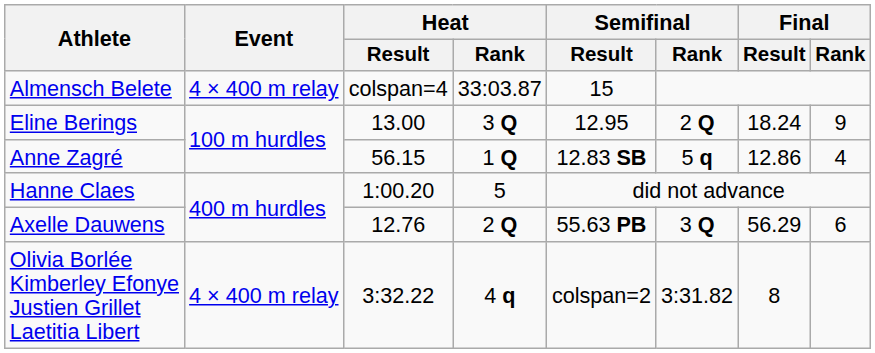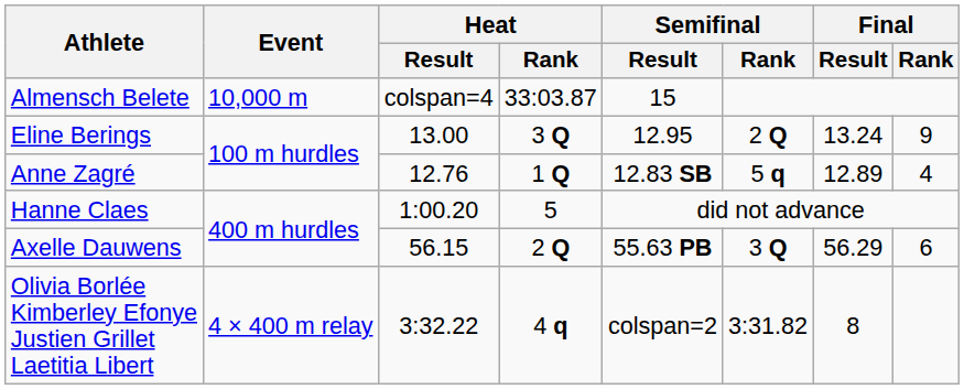 <table class="wikitable" style="font-size:90%">
 <tr>
 <th rowspan=2>Athlete</th>
 <th rowspan=2>Event</th>
 <th colspan=2>Heat</th>
 <th colspan=2>Semifinal</th>
 <th colspan=2>Final</th>
 </tr>
 <tr style="font-size:95%">
 <th>Result</th>
 <th>Rank</th>
 <th>Result</th>
 <th>Rank</th>
 <th>Result</th>
 <th>Rank</th>
 </tr>
 <tr align=center>
 <td align=left><a href='#'>Almensch Belete</a></td>
-<td style="text-align:left;"><a href='#'>4 × 400 m relay</a></td>
+<td style="text-align:left;"><a href='#'>10,000 m</a></td>
 <td>colspan=4 </td>
 <td>33:03.87</td>
 <td>15</td>
 </tr>
 <tr align=center>
 <td align=left><a href='#'>Eline Berings</a></td>
 <td style="text-align:left;" rowspan=2><a href='#'>100 m hurdles</a></td>
 <td>13.00</td>
 <td>3 <strong>Q</strong></td>
 <td>12.95</td>
 <td>2 <strong>Q</strong></td>
-<td>18.24</td>
+<td>13.24</td>
 <td>9</td>
 </tr>
 <tr align=center>
 <td align=left><a href='#'>Anne Zagré</a></td>
-<td>56.15</td>
+<td>12.76</td>
 <td>1 <strong>Q</strong></td>
 <td>12.83 <strong>SB</strong></td>
 <td>5 <strong>q</strong></td>
-<td>12.86</td>
+<td>12.89</td>
 <td>4</td>
 </tr>
 <tr align=center>
 <td align=left><a href='#'>Hanne Claes</a></td>
 <td style="text-align:left;" rowspan=2><a href='#'>400 m hurdles</a></td>
 <td>1:00.20</td>
 <td>5</td>
 <td colspan=4>did not advance</td>
 </tr>
 <tr align=center>
 <td align=left><a href='#'>Axelle Dauwens</a></td>
-<td>12.76</td>
+<td>56.15</td>
 <td>2 <strong>Q</strong></td>
 <td>55.63 <strong>PB</strong></td>
 <td>3 <strong>Q</strong></td>
 <td>56.29</td>
 <td>6</td>
 </tr>
 <tr align=center>
 <td align=left><a href='#'>Olivia Borlée</a><br><a href='#'>Kimberley Efonye</a><br><a href='#'>Justien Grillet</a> <br><a href='#'>Laetitia Libert</a></td>
 <td style="text-align:left;"><a href='#'>4 × 400 m relay</a></td>
 <td>3:32.22</td>
 <td>4 <strong>q</strong></td>
 <td>colspan=2 </td>
 <td>3:31.82</td>
 <td>8</td>
 </tr>
 </table>
